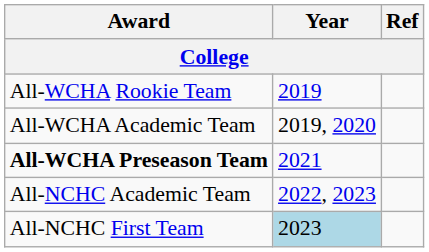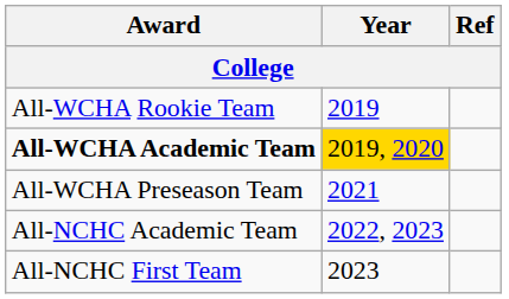 <table class="wikitable">
 <tr>
 <th>Award</th>
 <th>Year</th>
 <th>Ref</th>
 </tr>
 <tr ALIGN="center" bgcolor="#e0e0e0">
 <th colspan="3"><a href='#'>College</a></th>
 </tr>
 <tr>
 <td>All-<a href='#'>WCHA</a> <a href='#'>Rookie Team</a></td>
 <td><a href='#'>2019</a></td>
 <td></td>
 </tr>
 <tr>
-<td>All-WCHA Academic Team</td>
-<td>2019, <a href='#'>2020</a></td>
+<td><strong>All-WCHA Academic Team</strong></td>
+<td style="background: gold;">2019, <a href='#'>2020</a></td>
 <td></td>
 </tr>
 <tr>
-<td><strong>All-WCHA Preseason Team</strong></td>
+<td>All-WCHA Preseason Team</td>
 <td><a href='#'>2021</a></td>
 <td></td>
 </tr>
 <tr>
 <td>All-<a href='#'>NCHC</a> Academic Team</td>
 <td><a href='#'>2022</a>, <a href='#'>2023</a></td>
 <td></td>
 </tr>
 <tr>
 <td>All-NCHC <a href='#'>First Team</a></td>
-<td style="background: lightblue;">2023</td>
+<td>2023</td>
 <td></td>
 </tr>
 </table>
